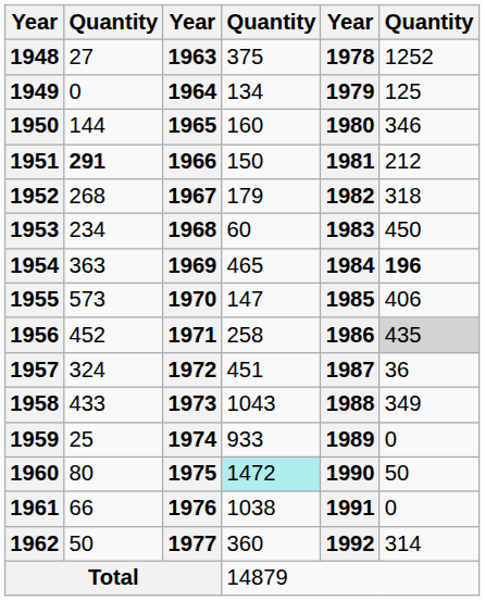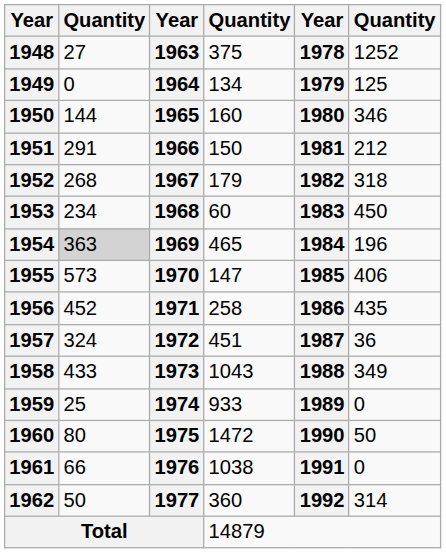 <table class="wikitable">
 <tr>
 <th>Year</th>
 <th>Quantity</th>
 <th>Year</th>
 <th>Quantity</th>
 <th>Year</th>
 <th>Quantity</th>
 </tr>
 <tr>
 <th>1948</th>
 <td>27</td>
 <th>1963</th>
 <td>375</td>
 <th>1978</th>
 <td>1252</td>
 </tr>
 <tr>
 <th>1949</th>
 <td>0</td>
 <th>1964</th>
 <td>134</td>
 <th>1979</th>
 <td>125</td>
 </tr>
 <tr>
 <th>1950</th>
 <td>144</td>
 <th>1965</th>
 <td>160</td>
 <th>1980</th>
 <td>346</td>
 </tr>
 <tr>
 <th>1951</th>
-<td><strong>291</strong></td>
+<td>291</td>
 <th>1966</th>
 <td>150</td>
 <th>1981</th>
 <td>212</td>
 </tr>
 <tr>
 <th>1952</th>
 <td>268</td>
 <th>1967</th>
 <td>179</td>
 <th>1982</th>
 <td>318</td>
 </tr>
 <tr>
 <th>1953</th>
 <td>234</td>
 <th>1968</th>
 <td>60</td>
 <th>1983</th>
 <td>450</td>
 </tr>
 <tr>
 <th>1954</th>
-<td>363</td>
+<td style="background: lightgrey;">363</td>
 <th>1969</th>
 <td>465</td>
 <th>1984</th>
-<td><strong>196</strong></td>
+<td>196</td>
 </tr>
 <tr>
 <th>1955</th>
 <td>573</td>
 <th>1970</th>
 <td>147</td>
 <th>1985</th>
 <td>406</td>
 </tr>
 <tr>
 <th>1956</th>
 <td>452</td>
 <th>1971</th>
 <td>258</td>
 <th>1986</th>
-<td style="background: lightgrey;">435</td>
+<td>435</td>
 </tr>
 <tr>
 <th>1957</th>
 <td>324</td>
 <th>1972</th>
 <td>451</td>
 <th>1987</th>
 <td>36</td>
 </tr>
 <tr>
 <th>1958</th>
 <td>433</td>
 <th>1973</th>
 <td>1043</td>
 <th>1988</th>
 <td>349</td>
 </tr>
 <tr>
 <th>1959</th>
 <td>25</td>
 <th>1974</th>
 <td>933</td>
 <th>1989</th>
 <td>0</td>
 </tr>
 <tr>
 <th>1960</th>
 <td>80</td>
 <th>1975</th>
-<td style="background: paleturquoise;">1472</td>
+<td>1472</td>
 <th>1990</th>
 <td>50</td>
 </tr>
 <tr>
 <th>1961</th>
 <td>66</td>
 <th>1976</th>
 <td>1038</td>
 <th>1991</th>
 <td>0</td>
 </tr>
 <tr>
 <th>1962</th>
 <td>50</td>
 <th>1977</th>
 <td>360</td>
 <th>1992</th>
 <td>314</td>
 </tr>
 <tr>
 <th colspan="3">Total</th>
 <td colspan="3">14879</td>
 </tr>
 </table>
